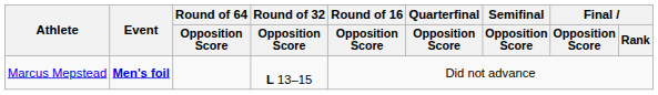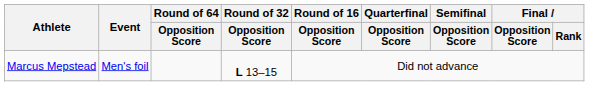 <table class=wikitable style=font-size:90%>
 <tr>
 <th rowspan=2>Athlete</th>
 <th rowspan=2>Event</th>
 <th>Round of 64</th>
 <th>Round of 32</th>
 <th>Round of 16</th>
 <th>Quarterfinal</th>
 <th>Semifinal</th>
 <th colspan=2>Final / </th>
 </tr>
 <tr style=font-size:95%>
 <th>Opposition <br> Score</th>
 <th>Opposition <br> Score</th>
 <th>Opposition <br> Score</th>
 <th>Opposition <br> Score</th>
 <th>Opposition <br> Score</th>
 <th>Opposition <br> Score</th>
 <th>Rank</th>
 </tr>
 <tr align=center>
 <td align=left><a href='#'>Marcus Mepstead</a></td>
-<td align=left><strong><a href='#'>Men's foil</a></strong></td>
+<td align=left><a href='#'>Men's foil</a></td>
 <td></td>
 <td><br><strong>L</strong> 13–15</td>
 <td colspan=5>Did not advance</td>
 </tr>
 </table>
